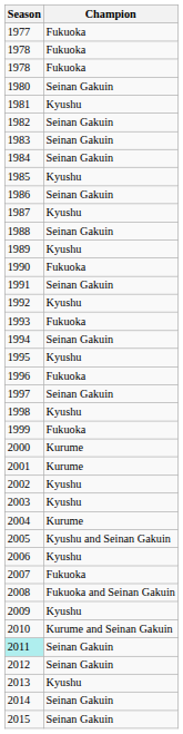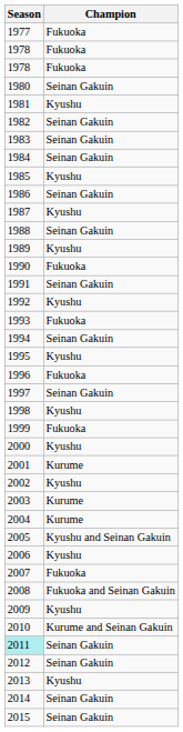 <table class="wikitable sortable" style="white-space:nowrap;">
 <tr>
 <th>Season</th>
 <th>Champion</th>
 </tr>
 <tr>
 <td>1977</td>
 <td>Fukuoka</td>
 </tr>
 <tr>
 <td>1978</td>
 <td>Fukuoka</td>
 </tr>
 <tr>
 <td>1978</td>
 <td>Fukuoka</td>
 </tr>
 <tr>
 <td>1980</td>
 <td>Seinan Gakuin</td>
 </tr>
 <tr>
 <td>1981</td>
 <td>Kyushu</td>
 </tr>
 <tr>
 <td>1982</td>
 <td>Seinan Gakuin</td>
 </tr>
 <tr>
 <td>1983</td>
 <td>Seinan Gakuin</td>
 </tr>
 <tr>
 <td>1984</td>
 <td>Seinan Gakuin</td>
 </tr>
 <tr>
 <td>1985</td>
 <td>Kyushu</td>
 </tr>
 <tr>
 <td>1986</td>
 <td>Seinan Gakuin</td>
 </tr>
 <tr>
 <td>1987</td>
 <td>Kyushu</td>
 </tr>
 <tr>
 <td>1988</td>
 <td>Seinan Gakuin</td>
 </tr>
 <tr>
 <td>1989</td>
 <td>Kyushu</td>
 </tr>
 <tr>
 <td>1990</td>
 <td>Fukuoka</td>
 </tr>
 <tr>
 <td>1991</td>
 <td>Seinan Gakuin</td>
 </tr>
 <tr>
 <td>1992</td>
 <td>Kyushu</td>
 </tr>
 <tr>
 <td>1993</td>
 <td>Fukuoka</td>
 </tr>
 <tr>
 <td>1994</td>
 <td>Seinan Gakuin</td>
 </tr>
 <tr>
 <td>1995</td>
 <td>Kyushu</td>
 </tr>
 <tr>
 <td>1996</td>
 <td>Fukuoka</td>
 </tr>
 <tr>
 <td>1997</td>
 <td>Seinan Gakuin</td>
 </tr>
 <tr>
 <td>1998</td>
 <td>Kyushu</td>
 </tr>
 <tr>
 <td>1999</td>
 <td>Fukuoka</td>
 </tr>
 <tr>
 <td>2000</td>
-<td>Kurume</td>
+<td>Kyushu</td>
 </tr>
 <tr>
 <td>2001</td>
 <td>Kurume</td>
 </tr>
 <tr>
 <td>2002</td>
 <td>Kyushu</td>
 </tr>
 <tr>
 <td>2003</td>
-<td>Kyushu</td>
+<td>Kurume</td>
 </tr>
 <tr>
 <td>2004</td>
 <td>Kurume</td>
 </tr>
 <tr>
 <td>2005</td>
 <td>Kyushu and Seinan Gakuin</td>
 </tr>
 <tr>
 <td>2006</td>
 <td>Kyushu</td>
 </tr>
 <tr>
 <td>2007</td>
 <td>Fukuoka</td>
 </tr>
 <tr>
 <td>2008</td>
 <td>Fukuoka and Seinan Gakuin</td>
 </tr>
 <tr>
 <td>2009</td>
 <td>Kyushu</td>
 </tr>
 <tr>
 <td>2010</td>
 <td>Kurume and Seinan Gakuin</td>
 </tr>
 <tr>
 <td style="background: paleturquoise;">2011</td>
 <td>Seinan Gakuin</td>
 </tr>
 <tr>
 <td>2012</td>
 <td>Seinan Gakuin</td>
 </tr>
 <tr>
 <td>2013</td>
 <td>Kyushu</td>
 </tr>
 <tr>
 <td>2014</td>
 <td>Seinan Gakuin</td>
 </tr>
 <tr>
 <td>2015</td>
 <td>Seinan Gakuin </td>
 </tr>
 </table>
